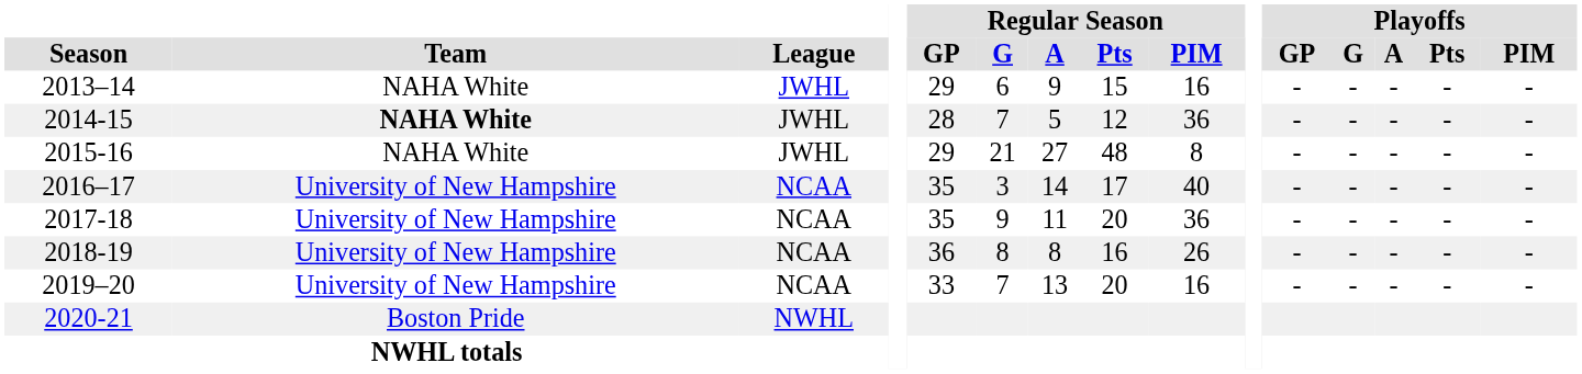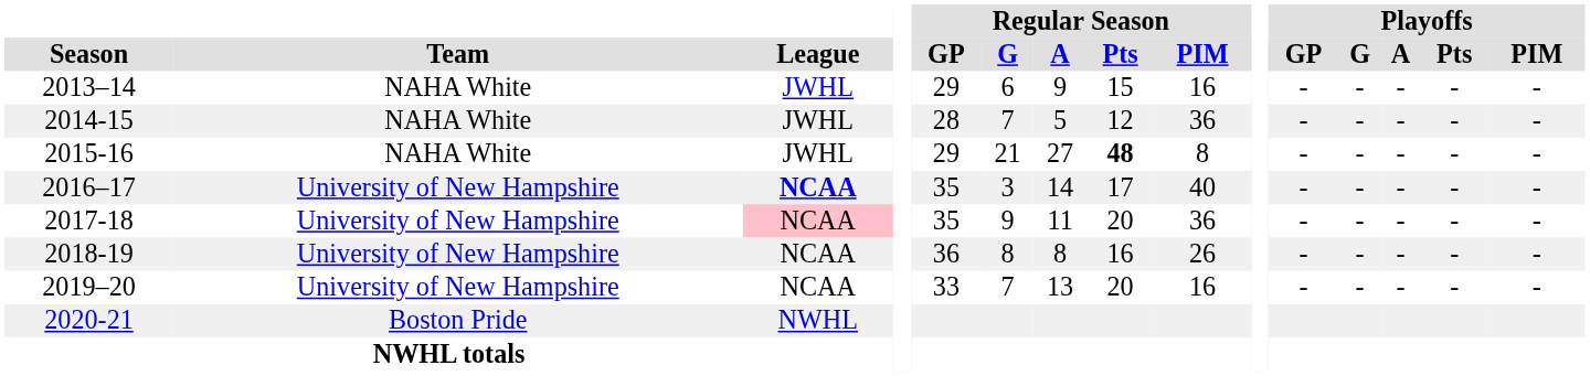 <table border="0" cellpadding="1" cellspacing="0" style="text-align:center; width:75%">
 <tr bgcolor="#e0e0e0">
 <th colspan="3"  bgcolor="#ffffff"> </th>
 <th rowspan="99" bgcolor="#ffffff"> </th>
 <th colspan="5">Regular Season</th>
 <th rowspan="99" bgcolor="#ffffff"> </th>
 <th colspan="5">Playoffs</th>
 </tr>
 <tr bgcolor="#e0e0e0">
 <th>Season</th>
 <th>Team</th>
 <th>League</th>
 <th>GP</th>
 <th><a href='#'>G</a></th>
 <th><a href='#'>A</a></th>
 <th><a href='#'>Pts</a></th>
 <th><a href='#'>PIM</a></th>
 <th>GP</th>
 <th>G</th>
 <th>A</th>
 <th>Pts</th>
 <th>PIM</th>
 </tr>
 <tr>
 <td>2013–14</td>
 <td>NAHA White</td>
 <td><a href='#'>JWHL</a></td>
 <td>29</td>
 <td>6</td>
 <td>9</td>
 <td>15</td>
 <td>16</td>
 <td>-</td>
 <td>-</td>
 <td>-</td>
 <td>-</td>
 <td>-</td>
 </tr>
 <tr bgcolor="#f0f0f0">
 <td>2014-15</td>
-<td><strong>NAHA White</strong></td>
+<td>NAHA White</td>
 <td>JWHL</td>
 <td>28</td>
 <td>7</td>
 <td>5</td>
 <td>12</td>
 <td>36</td>
 <td>-</td>
 <td>-</td>
 <td>-</td>
 <td>-</td>
 <td>-</td>
 </tr>
 <tr>
 <td>2015-16</td>
 <td>NAHA White</td>
 <td>JWHL</td>
 <td>29</td>
 <td>21</td>
 <td>27</td>
-<td>48</td>
+<td><strong>48</strong></td>
 <td>8</td>
 <td>-</td>
 <td>-</td>
 <td>-</td>
 <td>-</td>
 <td>-</td>
 </tr>
 <tr bgcolor="#f0f0f0">
 <td>2016–17</td>
 <td><a href='#'>University of New Hampshire</a></td>
-<td><a href='#'>NCAA</a></td>
+<td><strong><a href='#'>NCAA</a></strong></td>
 <td>35</td>
 <td>3</td>
 <td>14</td>
 <td>17</td>
 <td>40</td>
 <td>-</td>
 <td>-</td>
 <td>-</td>
 <td>-</td>
 <td>-</td>
 </tr>
 <tr>
 <td>2017-18</td>
 <td><a href='#'>University of New Hampshire</a></td>
-<td>NCAA</td>
+<td style="background: pink;">NCAA</td>
 <td>35</td>
 <td>9</td>
 <td>11</td>
 <td>20</td>
 <td>36</td>
 <td>-</td>
 <td>-</td>
 <td>-</td>
 <td>-</td>
 <td>-</td>
 </tr>
 <tr bgcolor="#f0f0f0">
 <td>2018-19</td>
 <td><a href='#'>University of New Hampshire</a></td>
 <td>NCAA</td>
 <td>36</td>
 <td>8</td>
 <td>8</td>
 <td>16</td>
 <td>26</td>
 <td>-</td>
 <td>-</td>
 <td>-</td>
 <td>-</td>
 <td>-</td>
 </tr>
 <tr>
 <td>2019–20</td>
 <td><a href='#'>University of New Hampshire</a></td>
 <td>NCAA</td>
 <td>33</td>
 <td>7</td>
 <td>13</td>
 <td>20</td>
 <td>16</td>
 <td>-</td>
 <td>-</td>
 <td>-</td>
 <td>-</td>
 <td>-</td>
 </tr>
 <tr bgcolor="#f0f0f0">
 <td><a href='#'>2020-21</a></td>
 <td><a href='#'>Boston Pride</a></td>
 <td><a href='#'>NWHL</a></td>
 <td></td>
 <td></td>
 <td></td>
 <td></td>
 <td></td>
 <td></td>
 <td></td>
 <td></td>
 <td></td>
 <td></td>
 </tr>
 <tr>
 <th colspan="3">NWHL totals</th>
 <th></th>
 <th></th>
 <th></th>
 <th></th>
 <th></th>
 <th></th>
 <th></th>
 <th></th>
 <th></th>
 <th></th>
 </tr>
 </table>
